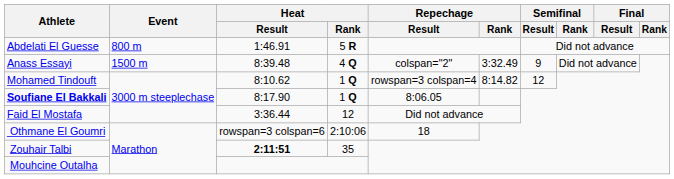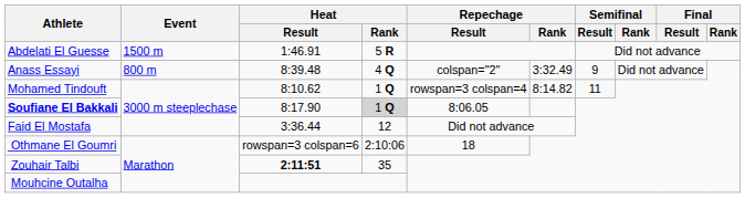 <table class="wikitable" style="font-size:90%">
 <tr>
 <th rowspan="2">Athlete</th>
 <th rowspan="2">Event</th>
 <th colspan="2">Heat</th>
 <th colspan="2">Repechage</th>
 <th colspan="2">Semifinal</th>
 <th colspan="2">Final</th>
 </tr>
 <tr style="font-size:95%">
 <th>Result</th>
 <th>Rank</th>
 <th>Result</th>
 <th>Rank</th>
 <th>Result</th>
 <th>Rank</th>
 <th>Result</th>
 <th>Rank</th>
 </tr>
 <tr align=center>
 <td align=left><a href='#'>Abdelati El Guesse</a></td>
-<td align=left><a href='#'>800 m</a></td>
+<td align=left><a href='#'>1500 m</a></td>
 <td>1:46.91</td>
 <td>5 <strong>R</strong></td>
 <td colspan="2"></td>
 <td colspan="4">Did not advance</td>
 </tr>
 <tr align=center>
 <td align=left><a href='#'>Anass Essayi</a></td>
-<td align=left><a href='#'>1500 m</a></td>
+<td align=left><a href='#'>800 m</a></td>
 <td>8:39.48</td>
 <td>4 <strong>Q</strong></td>
 <td>colspan="2" </td>
 <td>3:32.49</td>
 <td>9</td>
 <td colspan="2">Did not advance</td>
 </tr>
 <tr align=center>
 <td align=left><a href='#'>Mohamed Tindouft</a></td>
 <td align=left rowspan="3"><a href='#'>3000 m steeplechase</a></td>
 <td>8:10.62</td>
 <td>1 <strong>Q</strong></td>
 <td>rowspan=3 colspan=4 </td>
 <td>8:14.82</td>
-<td>12</td>
+<td>11</td>
 </tr>
 <tr align=center>
 <td align="left"><strong><a href='#'>Soufiane El Bakkali</a></strong></td>
 <td>8:17.90</td>
-<td>1 <strong>Q</strong></td>
+<td style="background: lightgrey;">1 <strong>Q</strong></td>
 <td>8:06.05</td>
 <td></td>
 </tr>
 <tr align=center>
 <td align="left"><a href='#'>Faid El Mostafa</a></td>
 <td>3:36.44</td>
 <td>12</td>
 <td colspan=2>Did not advance</td>
 </tr>
 <tr align=center>
 <td align=left><a href='#'> Othmane El Goumri</a></td>
 <td align=left rowspan=3><a href='#'>Marathon</a></td>
 <td>rowspan=3 colspan=6 </td>
 <td>2:10:06</td>
 <td>18</td>
 </tr>
 <tr align=center>
 <td align=left> <a href='#'>Zouhair Talbi</a></td>
 <td><strong>2:11:51</strong></td>
 <td>35</td>
 </tr>
 <tr align=center>
 <td align=left> <a href='#'>Mouhcine Outalha</a></td>
 <td colspan="2"></td>
 </tr>
 </table>
